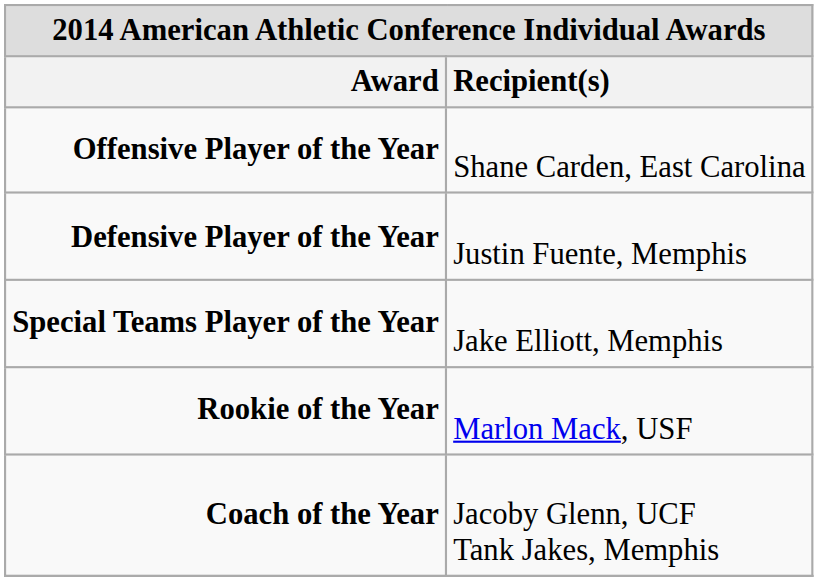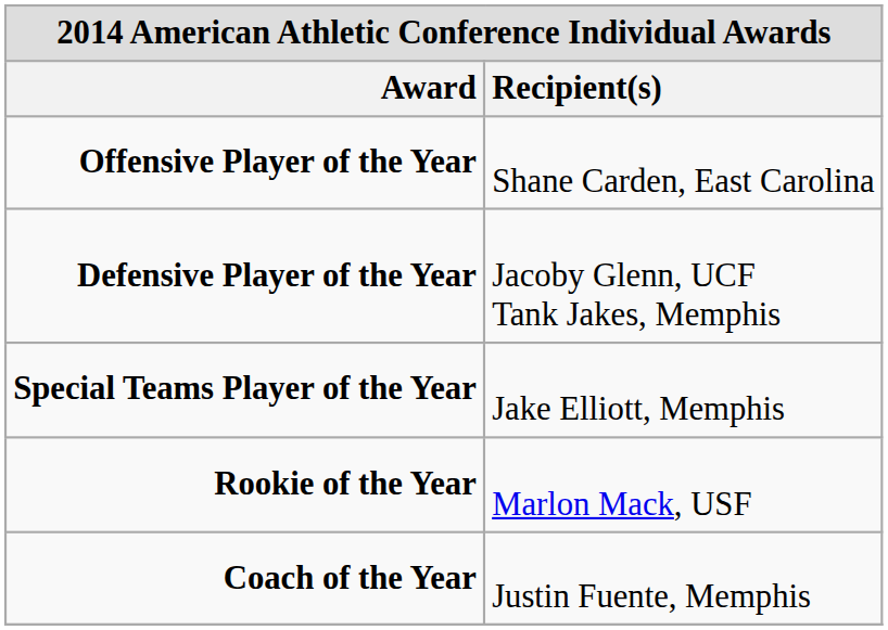 <table class="wikitable" style="white-space:nowrap; font-size:90%;">
 <tr>
 <td colspan="7" style="text-align:center; background:#ddd;"><strong>2014  American Athletic Conference Individual Awards</strong></td>
 </tr>
 <tr>
 <th style="text-align:right;">Award</th>
 <th style="text-align:left;">Recipient(s)</th>
 </tr>
 <tr>
 <td style="text-align:right;"><strong>Offensive Player of the Year</strong></td>
 <td style="text-align:left;"><br>Shane Carden, East Carolina</td>
 </tr>
 <tr>
 <td style="text-align:right;"><strong>Defensive Player of the Year</strong></td>
-<td style="text-align:left;"><br>Justin Fuente, Memphis</td>
+<td style="text-align:left;"><br>Jacoby Glenn, UCF<br> Tank Jakes, Memphis</td>
 </tr>
 <tr>
 <td style="text-align:right;"><strong>Special Teams Player of the Year</strong></td>
 <td style="text-align:left;"><br>Jake Elliott, Memphis</td>
 </tr>
 <tr>
 <td style="text-align:right;"><strong>Rookie of the Year</strong></td>
 <td style="text-align:left;"><br><a href='#'>Marlon Mack</a>, USF</td>
 </tr>
 <tr>
 <td style="text-align:right;"><strong>Coach of the Year</strong></td>
-<td style="text-align:left;"><br>Jacoby Glenn, UCF<br> Tank Jakes, Memphis</td>
+<td style="text-align:left;"><br>Justin Fuente, Memphis</td>
 </tr>
 <tr>
 </tr>
 </table>
